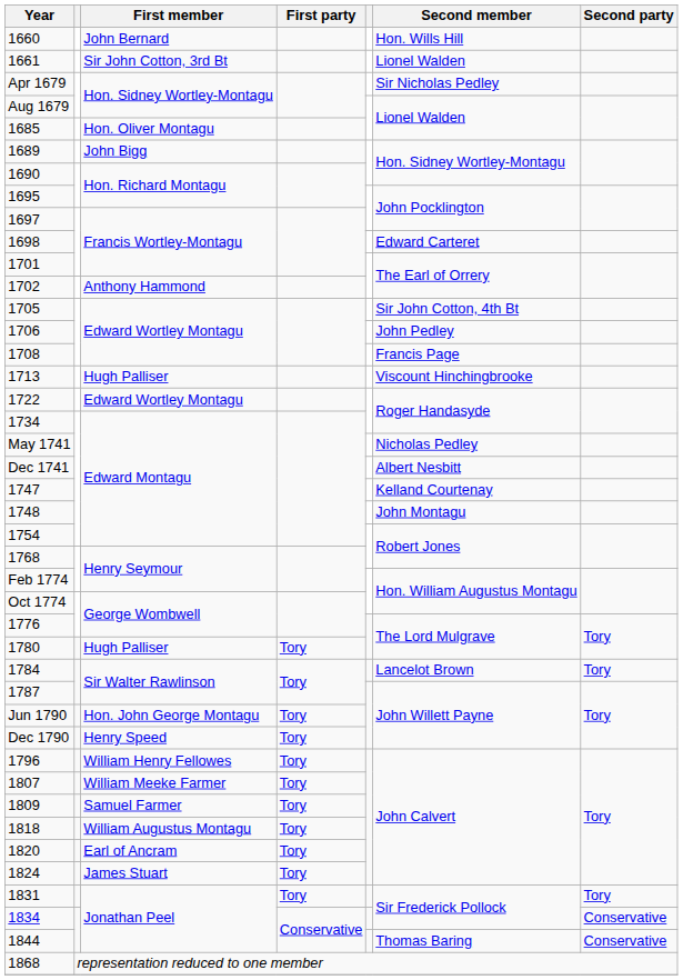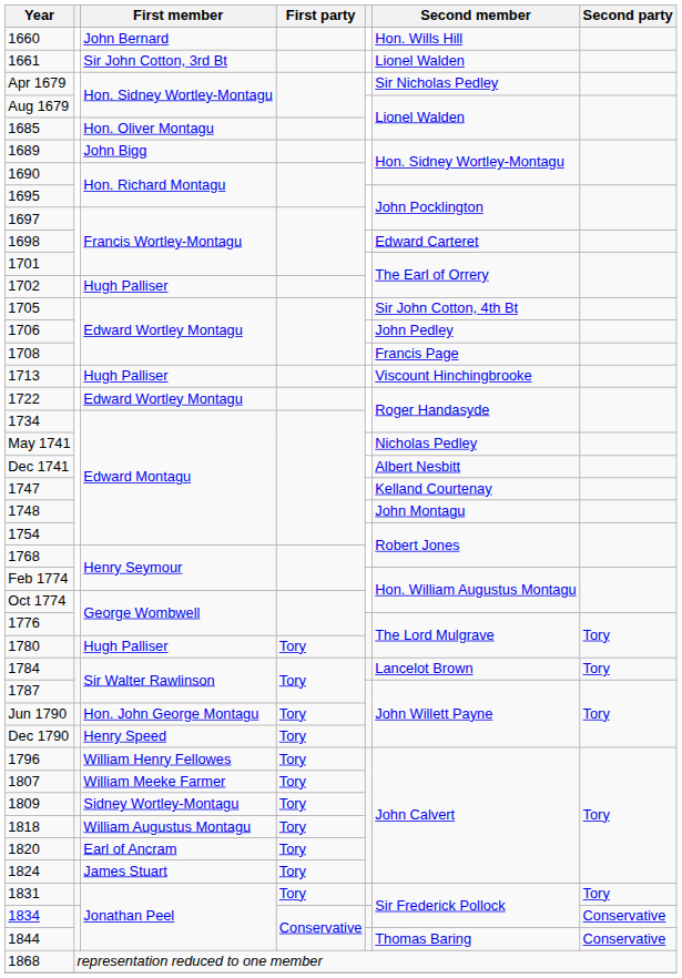 <table class="wikitable">
 <tr>
 <th>Year</th>
 <th></th>
 <th>First member</th>
 <th>First party</th>
 <th></th>
 <th>Second member</th>
 <th>Second party</th>
 </tr>
 <tr>
 <td>1660</td>
 <td style="color:inherit;background-color: white"></td>
 <td><a href='#'>John Bernard</a></td>
 <td> </td>
 <td style="color:inherit;background-color: white"></td>
 <td><a href='#'>Hon. Wills Hill</a></td>
 <td></td>
 </tr>
 <tr>
 <td>1661</td>
 <td style="color:inherit;background-color: white"></td>
 <td><a href='#'>Sir John Cotton, 3rd Bt</a></td>
 <td> </td>
 <td style="color:inherit;background-color: white"></td>
 <td><a href='#'>Lionel Walden</a></td>
 <td> </td>
 </tr>
 <tr>
 <td>Apr 1679</td>
 <td rowspan="2" style="color:inherit;background-color: white"></td>
 <td rowspan="2"><a href='#'>Hon. Sidney Wortley-Montagu</a></td>
 <td rowspan="2"> </td>
 <td style="color:inherit;background-color: white"></td>
 <td><a href='#'>Sir Nicholas Pedley</a></td>
 <td></td>
 </tr>
 <tr>
 <td>Aug 1679</td>
 <td rowspan="2" style="color:inherit;background-color: white"></td>
 <td rowspan="2"><a href='#'>Lionel Walden</a></td>
 <td rowspan="2"> </td>
 </tr>
 <tr>
 <td>1685</td>
 <td style="color:inherit;background-color: white"></td>
 <td><a href='#'>Hon. Oliver Montagu</a></td>
 <td> </td>
 </tr>
 <tr>
 <td>1689</td>
 <td style="color:inherit;background-color: white"></td>
 <td><a href='#'>John Bigg</a></td>
 <td> </td>
 <td rowspan="2" style="color:inherit;background-color: white"></td>
 <td rowspan="2"><a href='#'>Hon. Sidney Wortley-Montagu</a></td>
 <td rowspan="2"> </td>
 </tr>
 <tr>
 <td>1690</td>
 <td rowspan="2" style="color:inherit;background-color: white"></td>
 <td rowspan="2"><a href='#'>Hon. Richard Montagu</a></td>
 <td rowspan="2"> </td>
 </tr>
 <tr>
 <td>1695</td>
 <td rowspan="2" style="color:inherit;background-color: white"></td>
 <td rowspan="2"><a href='#'>John Pocklington</a></td>
 <td rowspan="2"> </td>
 </tr>
 <tr>
 <td>1697</td>
 <td rowspan="3" style="color:inherit;background-color: white"></td>
 <td rowspan="3"><a href='#'>Francis Wortley-Montagu</a></td>
 <td rowspan="3"> </td>
 </tr>
 <tr>
 <td>1698</td>
 <td style="color:inherit;background-color: white"></td>
 <td><a href='#'>Edward Carteret</a></td>
 <td></td>
 </tr>
 <tr>
 <td>1701</td>
 <td rowspan="2" style="color:inherit;background-color: white"></td>
 <td rowspan="2"><a href='#'>The Earl of Orrery</a></td>
 <td rowspan="2"></td>
 </tr>
 <tr>
 <td>1702</td>
 <td style="color:inherit;background-color: white"></td>
-<td><a href='#'>Anthony Hammond</a></td>
+<td><a href='#'>Hugh Palliser</a></td>
 <td> </td>
 </tr>
 <tr>
 <td>1705</td>
 <td rowspan="3" style="color:inherit;background-color: white"></td>
 <td rowspan="3"><a href='#'>Edward Wortley Montagu</a></td>
 <td rowspan="3"> </td>
 <td style="color:inherit;background-color: white"></td>
 <td><a href='#'>Sir John Cotton, 4th Bt</a></td>
 <td> </td>
 </tr>
 <tr>
 <td>1706</td>
 <td style="color:inherit;background-color: white"></td>
 <td><a href='#'>John Pedley</a></td>
 <td> </td>
 </tr>
 <tr>
 <td>1708</td>
 <td style="color:inherit;background-color: white"></td>
 <td><a href='#'>Francis Page</a></td>
 <td> </td>
 </tr>
 <tr>
 <td>1713</td>
 <td style="color:inherit;background-color: white"></td>
 <td><a href='#'>Hugh Palliser</a></td>
 <td> </td>
 <td style="color:inherit;background-color: white"></td>
 <td><a href='#'>Viscount Hinchingbrooke</a></td>
 <td> </td>
 </tr>
 <tr>
 <td>1722</td>
 <td style="color:inherit;background-color: white"></td>
 <td><a href='#'>Edward Wortley Montagu</a></td>
 <td> </td>
 <td rowspan="2" style="color:inherit;background-color: white"></td>
 <td rowspan="2"><a href='#'>Roger Handasyde</a></td>
 <td rowspan="2"> </td>
 </tr>
 <tr>
 <td>1734</td>
 <td rowspan="6" style="color:inherit;background-color: white"></td>
 <td rowspan="6"><a href='#'>Edward Montagu</a></td>
 <td rowspan="6"> </td>
 </tr>
 <tr>
 <td>May 1741</td>
 <td style="color:inherit;background-color: white"></td>
 <td><a href='#'>Nicholas Pedley</a></td>
 <td> </td>
 </tr>
 <tr>
 <td>Dec 1741</td>
 <td style="color:inherit;background-color: white"></td>
 <td><a href='#'>Albert Nesbitt</a></td>
 <td> </td>
 </tr>
 <tr>
 <td>1747</td>
 <td style="color:inherit;background-color: white"></td>
 <td><a href='#'>Kelland Courtenay</a></td>
 <td> </td>
 </tr>
 <tr>
 <td>1748</td>
 <td style="color:inherit;background-color: white"></td>
 <td><a href='#'>John Montagu</a></td>
 <td> </td>
 </tr>
 <tr>
 <td>1754</td>
 <td rowspan="2" style="color:inherit;background-color: white"></td>
 <td rowspan="2"><a href='#'>Robert Jones</a></td>
 <td rowspan="2"> </td>
 </tr>
 <tr>
 <td>1768</td>
 <td rowspan="2" style="color:inherit;background-color: white"></td>
 <td rowspan="2"><a href='#'>Henry Seymour</a></td>
 <td rowspan="2"> </td>
 </tr>
 <tr>
 <td>Feb 1774</td>
 <td rowspan="2" style="color:inherit;background-color: white"></td>
 <td rowspan="2"><a href='#'>Hon. William Augustus Montagu</a></td>
 <td rowspan="2"> </td>
 </tr>
 <tr>
 <td>Oct 1774</td>
 <td rowspan="2" style="color:inherit;background-color: white"></td>
 <td rowspan="2"><a href='#'>George Wombwell</a></td>
 <td rowspan="2"> </td>
 </tr>
 <tr>
 <td>1776</td>
 <td rowspan="2" style="color:inherit;background-color: "></td>
 <td rowspan="2"><a href='#'>The Lord Mulgrave</a></td>
 <td rowspan="2"><a href='#'>Tory</a> </td>
 </tr>
 <tr>
 <td>1780</td>
 <td style="color:inherit;background-color: "></td>
 <td><a href='#'>Hugh Palliser</a></td>
 <td><a href='#'>Tory</a></td>
 </tr>
 <tr>
 <td>1784</td>
 <td rowspan="2" style="color:inherit;background-color: "></td>
 <td rowspan="2"><a href='#'>Sir Walter Rawlinson</a></td>
 <td rowspan="2"><a href='#'>Tory</a> </td>
 <td style="color:inherit;background-color: "></td>
 <td><a href='#'>Lancelot Brown</a></td>
 <td><a href='#'>Tory</a> </td>
 </tr>
 <tr>
 <td>1787</td>
 <td rowspan="3" style="color:inherit;background-color: "></td>
 <td rowspan="3"><a href='#'>John Willett Payne</a></td>
 <td rowspan="3"><a href='#'>Tory</a> </td>
 </tr>
 <tr>
 <td>Jun 1790</td>
 <td style="color:inherit;background-color: "></td>
 <td><a href='#'>Hon. John George Montagu</a></td>
 <td><a href='#'>Tory</a> </td>
 </tr>
 <tr>
 <td>Dec 1790</td>
 <td style="color:inherit;background-color: "></td>
 <td><a href='#'>Henry Speed</a></td>
 <td><a href='#'>Tory</a> </td>
 </tr>
 <tr>
 <td>1796</td>
 <td style="color:inherit;background-color: "></td>
 <td><a href='#'>William Henry Fellowes</a></td>
 <td><a href='#'>Tory</a> </td>
 <td rowspan="6" style="color:inherit;background-color: "></td>
 <td rowspan="6"><a href='#'>John Calvert</a></td>
 <td rowspan="6"><a href='#'>Tory</a> </td>
 </tr>
 <tr>
 <td>1807</td>
 <td style="color:inherit;background-color: "></td>
 <td><a href='#'>William Meeke Farmer</a></td>
 <td><a href='#'>Tory</a> </td>
 </tr>
 <tr>
 <td>1809</td>
 <td style="color:inherit;background-color: "></td>
-<td><a href='#'>Samuel Farmer</a></td>
+<td><a href='#'>Sidney Wortley-Montagu</a></td>
 <td><a href='#'>Tory</a> </td>
 </tr>
 <tr>
 <td>1818</td>
 <td style="color:inherit;background-color: "></td>
 <td><a href='#'>William Augustus Montagu</a></td>
 <td><a href='#'>Tory</a> </td>
 </tr>
 <tr>
 <td>1820</td>
 <td style="color:inherit;background-color: "></td>
 <td><a href='#'>Earl of Ancram</a></td>
 <td><a href='#'>Tory</a></td>
 </tr>
 <tr>
 <td>1824</td>
 <td style="color:inherit;background-color: "></td>
 <td><a href='#'>James Stuart</a></td>
 <td><a href='#'>Tory</a></td>
 </tr>
 <tr>
 <td>1831</td>
 <td style="color:inherit;background-color: "></td>
 <td rowspan="3"><a href='#'>Jonathan Peel</a></td>
 <td><a href='#'>Tory</a> </td>
 <td style="color:inherit;background-color: "></td>
 <td rowspan="2"><a href='#'>Sir Frederick Pollock</a></td>
 <td><a href='#'>Tory</a> </td>
 </tr>
 <tr>
 <td><a href='#'>1834</a></td>
 <td rowspan="2" style="color:inherit;background-color: "></td>
 <td rowspan="2"><a href='#'>Conservative</a></td>
 <td style="color:inherit;background-color: "></td>
 <td><a href='#'>Conservative</a></td>
 </tr>
 <tr>
 <td>1844</td>
 <td style="color:inherit;background-color: "></td>
 <td><a href='#'>Thomas Baring</a></td>
 <td><a href='#'>Conservative</a></td>
 </tr>
 <tr>
 <td>1868</td>
 <td colspan="6"><em>representation reduced to one member</em></td>
 </tr>
 <tr>
 </tr>
 </table>
